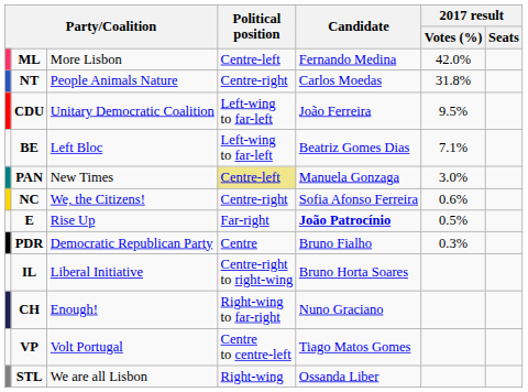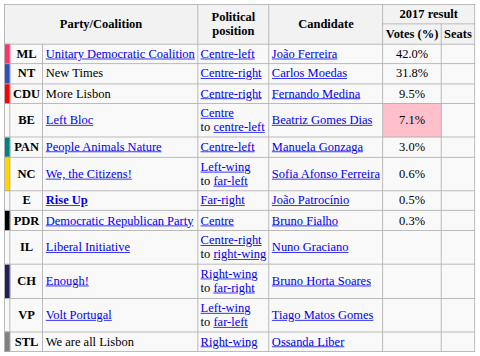 <table class="wikitable">
 <tr>
 <th rowspan="2" colspan="3">Party/Coalition</th>
 <th rowspan="2">Political<br>position</th>
 <th rowspan="2">Candidate</th>
 <th colspan="2">2017 result</th>
 </tr>
 <tr>
 <th>Votes (%)</th>
 <th>Seats</th>
 </tr>
 <tr>
 <td style="background:#FF3366;"></td>
 <td style="text-align:center;"><strong>ML</strong></td>
-<td>More Lisbon<br> </td>
+<td><a href='#'>Unitary Democratic Coalition</a><br> </td>
 <td><a href='#'>Centre-left</a></td>
-<td><a href='#'>Fernando Medina</a></td>
+<td><a href='#'>João Ferreira</a></td>
 <td style="text-align:center;">42.0%</td>
 <td></td>
 </tr>
 <tr>
 <td style="background:#2A52BE;"></td>
 <td style="text-align:center;"><strong>NT</strong></td>
-<td><a href='#'>People Animals Nature</a><br></td>
+<td>New Times<br> </td>
 <td><a href='#'>Centre-right</a></td>
 <td><a href='#'>Carlos Moedas</a></td>
 <td style="text-align:center;">31.8%</td>
 <td></td>
 </tr>
 <tr>
 <td style="background:#f00;"></td>
 <td style="text-align:center;"><strong>CDU</strong></td>
-<td><a href='#'>Unitary Democratic Coalition</a><br> </td>
-<td><a href='#'>Left-wing</a><br>to <a href='#'>far-left</a></td>
-<td><a href='#'>João Ferreira</a></td>
+<td>More Lisbon<br> </td>
+<td><a href='#'>Centre-right</a></td>
+<td><a href='#'>Fernando Medina</a></td>
 <td style="text-align:center;">9.5%</td>
 <td></td>
 </tr>
 <tr>
 <td style="color:inherit;background:"></td>
 <td style="text-align:center;"><strong>BE</strong></td>
 <td><a href='#'>Left Bloc</a><br></td>
-<td><a href='#'>Left-wing</a><br>to <a href='#'>far-left</a></td>
+<td><a href='#'>Centre</a><br> to <a href='#'>centre-left</a></td>
 <td><a href='#'>Beatriz Gomes Dias</a></td>
-<td style="text-align:center;">7.1%</td>
+<td style="background: pink; text-align:center;">7.1%</td>
 <td></td>
 </tr>
 <tr>
 <td style="background:teal;"></td>
 <td style="text-align:center;"><strong>PAN</strong></td>
-<td>New Times<br> </td>
-<td style="background: khaki;"><a href='#'>Centre-left</a></td>
+<td><a href='#'>People Animals Nature</a><br></td>
+<td><a href='#'>Centre-left</a></td>
 <td><a href='#'>Manuela Gonzaga</a></td>
 <td style="text-align:center;">3.0%</td>
 <td></td>
 </tr>
 <tr>
 <td style="background:gold;"></td>
 <td style="text-align:center;"><strong>NC</strong></td>
 <td><a href='#'>We, the Citizens!</a><br></td>
-<td><a href='#'>Centre-right</a></td>
+<td><a href='#'>Left-wing</a><br>to <a href='#'>far-left</a></td>
 <td><a href='#'>Sofia Afonso Ferreira</a></td>
 <td style="text-align:center;">0.6%</td>
 <td></td>
 </tr>
 <tr>
 <td style="color:inherit;background:"></td>
 <td style="text-align:center;"><strong>E</strong></td>
-<td><a href='#'>Rise Up</a><br></td>
+<td><strong><a href='#'>Rise Up</a><br></strong></td>
 <td><a href='#'>Far-right</a></td>
-<td><strong><a href='#'>João Patrocínio</a></strong></td>
+<td><a href='#'>João Patrocínio</a></td>
 <td style="text-align:center;">0.5%</td>
 <td></td>
 </tr>
 <tr>
 <td style="background:black;"></td>
 <td style="text-align:center;"><strong>PDR</strong></td>
 <td><a href='#'>Democratic Republican Party</a><br></td>
 <td><a href='#'>Centre</a></td>
 <td><a href='#'>Bruno Fialho</a></td>
 <td style="text-align:center;">0.3%</td>
 <td></td>
 </tr>
 <tr>
 <td style="color:inherit;background:"></td>
 <td style="text-align:center;"><strong>IL</strong></td>
 <td><a href='#'>Liberal Initiative</a><br></td>
 <td><a href='#'>Centre-right</a><br> to <a href='#'>right-wing</a></td>
-<td><a href='#'>Bruno Horta Soares</a></td>
+<td><a href='#'>Nuno Graciano</a></td>
 <td></td>
 <td></td>
 </tr>
 <tr>
 <td style="background:#202056;"></td>
 <td style="text-align:center;"><strong>CH</strong></td>
 <td><a href='#'>Enough!</a><br></td>
 <td><a href='#'>Right-wing</a><br>to <a href='#'>far-right</a></td>
-<td><a href='#'>Nuno Graciano</a></td>
+<td><a href='#'>Bruno Horta Soares</a></td>
 <td></td>
 <td></td>
 </tr>
 <tr>
 <td style="color:inherit;background:"></td>
 <td style="text-align:center;"><strong>VP</strong></td>
 <td><a href='#'>Volt Portugal</a><br></td>
-<td><a href='#'>Centre</a><br> to <a href='#'>centre-left</a></td>
+<td><a href='#'>Left-wing</a><br>to <a href='#'>far-left</a></td>
 <td><a href='#'>Tiago Matos Gomes</a></td>
 <td></td>
 <td></td>
 </tr>
 <tr>
 <td style="background:gray;"></td>
 <td style="text-align:center;"><strong>STL</strong></td>
 <td>We are all Lisbon<br></td>
 <td><a href='#'>Right-wing</a></td>
 <td><a href='#'>Ossanda Liber</a></td>
 <td></td>
 <td></td>
 </tr>
 </table>
